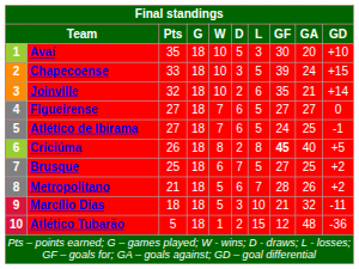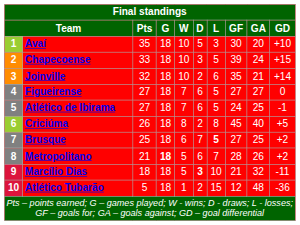 <table class="wikitable" style="text-align:center; color:#ffffff; background:#ff0000">
 <tr>
 <th style="background:#006400" colspan="10">Final standings</th>
 </tr>
 <tr>
 <th style="background:#006400" colspan="2">Team</th>
 <th style="background:#006400">Pts</th>
 <th style="background:#006400">G</th>
 <th style="background:#006400">W</th>
 <th style="background:#006400">D</th>
 <th style="background:#006400">L</th>
 <th style="background:#006400">GF</th>
 <th style="background:#006400">GA</th>
 <th style="background:#006400">GD</th>
 </tr>
 <tr>
 <th style="background:#9acd32">1</th>
 <td align=left><strong><a href='#'><span>Avaí</span></a></strong></td>
 <td>35</td>
 <td>18</td>
 <td>10</td>
 <td>5</td>
 <td>3</td>
 <td>30</td>
 <td>20</td>
 <td>+10</td>
 </tr>
 <tr>
 <th style="background:#FF8C00">2</th>
 <td align=left><strong><a href='#'><span>Chapecoense</span></a></strong></td>
 <td>33</td>
 <td>18</td>
 <td>10</td>
 <td>3</td>
 <td>5</td>
 <td>39</td>
 <td>24</td>
 <td>+15</td>
 </tr>
 <tr>
 <th style="background:#FF8C00">3</th>
 <td align=left><strong><a href='#'><span>Joinville</span></a></strong></td>
 <td>32</td>
 <td>18</td>
 <td>10</td>
 <td>2</td>
 <td>6</td>
 <td>35</td>
 <td>21</td>
 <td>+14</td>
 </tr>
 <tr>
 <th style="background:#808080">4</th>
 <td align=left><strong><a href='#'><span>Figueirense</span></a></strong></td>
 <td>27</td>
 <td>18</td>
 <td>7</td>
 <td>6</td>
 <td>5</td>
 <td>27</td>
 <td>27</td>
 <td>0</td>
 </tr>
 <tr>
 <th style="background:#808080">5</th>
 <td align=left><strong><a href='#'><span>Atlético de Ibirama</span></a></strong></td>
 <td>27</td>
 <td>18</td>
 <td>7</td>
 <td>6</td>
 <td>5</td>
 <td>24</td>
 <td>25</td>
 <td>-1</td>
 </tr>
 <tr>
 <th style="background:#9acd32">6</th>
 <td align=left><strong><a href='#'><span>Criciúma</span></a></strong></td>
 <td>26</td>
 <td>18</td>
 <td>8</td>
 <td>2</td>
 <td>8</td>
-<td><strong>45</strong></td>
+<td>45</td>
 <td>40</td>
 <td>+5</td>
 </tr>
 <tr>
 <th style="background:#808080">7</th>
 <td align=left><strong><a href='#'><span>Brusque</span></a></strong></td>
 <td>25</td>
 <td>18</td>
 <td>6</td>
 <td>7</td>
-<td>5</td>
+<td><strong>5</strong></td>
 <td>27</td>
 <td>25</td>
 <td>+2</td>
 </tr>
 <tr>
 <th style="background:#808080">8</th>
 <td align=left><strong><a href='#'><span>Metropolitano</span></a></strong></td>
 <td>21</td>
-<td>18</td>
+<td><strong>18</strong></td>
 <td>5</td>
 <td>6</td>
 <td>7</td>
 <td>28</td>
 <td>26</td>
 <td>+2</td>
 </tr>
 <tr>
 <th style="background:#DC143C">9</th>
 <td align=left><strong><a href='#'><span>Marcílio Dias</span></a></strong></td>
 <td>18</td>
 <td>18</td>
 <td>5</td>
-<td>3</td>
+<td><strong>3</strong></td>
 <td>10</td>
 <td>21</td>
 <td>32</td>
 <td>-11</td>
 </tr>
 <tr>
 <th style="background:#DC143C">10</th>
 <td align=left><strong><a href='#'><span>Atlético Tubarão</span></a></strong></td>
 <td>5</td>
 <td>18</td>
 <td>1</td>
 <td>2</td>
 <td>15</td>
 <td>12</td>
 <td>48</td>
 <td>-36</td>
 </tr>
 <tr>
 <td colspan="10" style="background:#006400; font-size:90%; font-style:italic">Pts – points earned; G – games played; W - wins; D - draws; L - losses;<br>GF – goals for; GA – goals against; GD – goal differential</td>
 </tr>
 </table>
